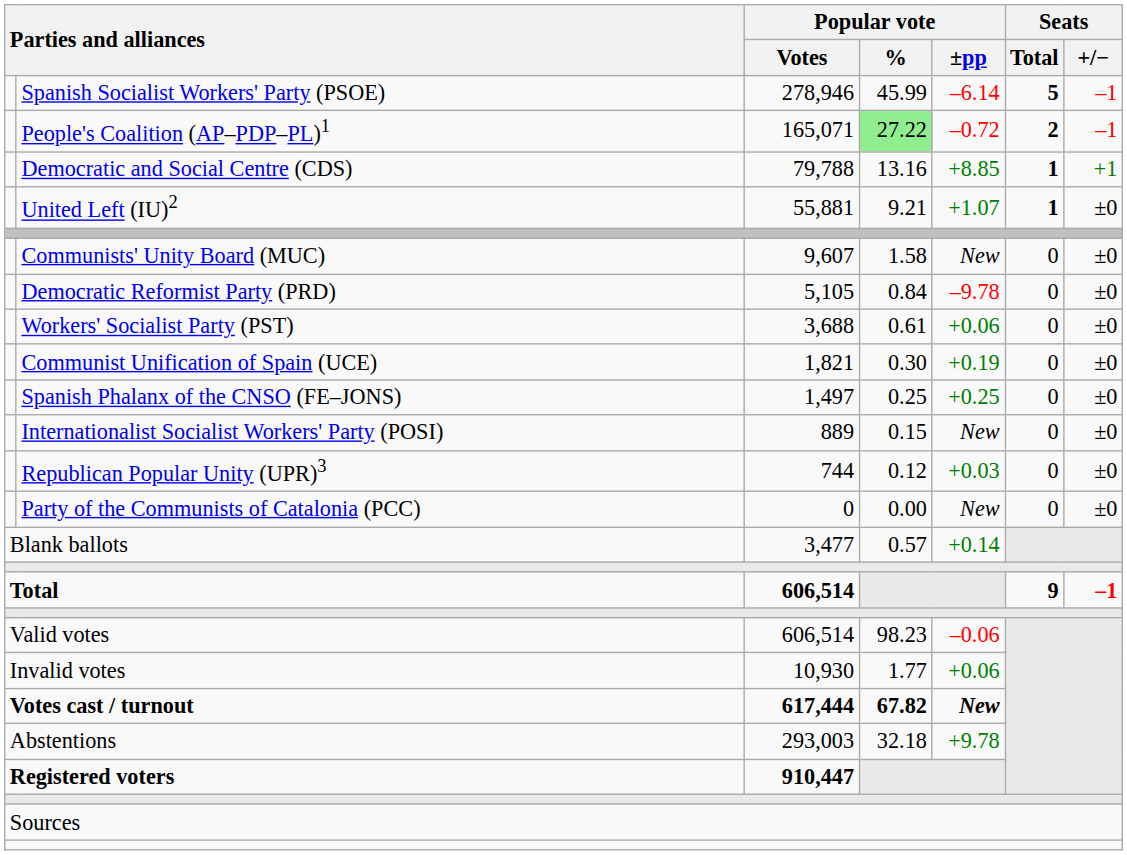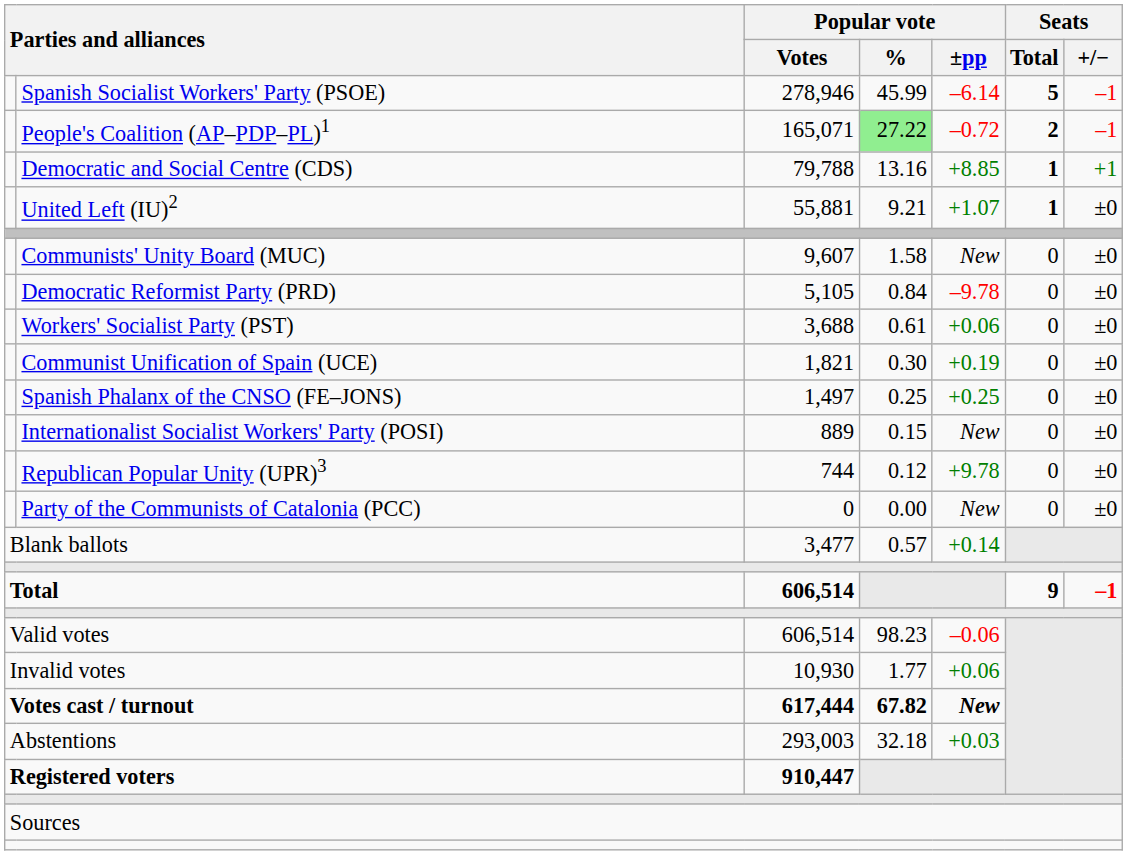 <table class="wikitable" style="text-align:right;">
 <tr>
 <th style="text-align:left;" rowspan="2" colspan="2" width="525">Parties and alliances</th>
 <th colspan="3">Popular vote</th>
 <th colspan="2">Seats</th>
 </tr>
 <tr>
 <th width="75">Votes</th>
 <th width="45">%</th>
 <th width="45">±<a href='#'>pp</a></th>
 <th width="35">Total</th>
 <th width="35">+/−</th>
 </tr>
 <tr>
 <td width="1" style="color:inherit;background:"></td>
 <td align="left"><a href='#'>Spanish Socialist Workers' Party</a> (PSOE)</td>
 <td>278,946</td>
 <td>45.99</td>
 <td style="color:red;">–6.14</td>
 <td><strong>5</strong></td>
 <td style="color:red;">–1</td>
 </tr>
 <tr>
 <td style="color:inherit;background:"></td>
 <td align="left"><a href='#'>People's Coalition</a> (<a href='#'>AP</a>–<a href='#'>PDP</a>–<a href='#'>PL</a>)<sup>1</sup></td>
 <td>165,071</td>
 <td style="background: lightgreen;">27.22</td>
 <td style="color:red;">–0.72</td>
 <td><strong>2</strong></td>
 <td style="color:red;">–1</td>
 </tr>
 <tr>
 <td style="color:inherit;background:"></td>
 <td align="left"><a href='#'>Democratic and Social Centre</a> (CDS)</td>
 <td>79,788</td>
 <td>13.16</td>
 <td style="color:green;">+8.85</td>
 <td><strong>1</strong></td>
 <td style="color:green;">+1</td>
 </tr>
 <tr>
 <td style="color:inherit;background:"></td>
 <td align="left"><a href='#'>United Left</a> (IU)<sup>2</sup></td>
 <td>55,881</td>
 <td>9.21</td>
 <td style="color:green;">+1.07</td>
 <td><strong>1</strong></td>
 <td>±0</td>
 </tr>
 <tr>
 <td colspan="7" bgcolor="#C0C0C0"></td>
 </tr>
 <tr>
 <td style="color:inherit;background:"></td>
 <td align="left"><a href='#'>Communists' Unity Board</a> (MUC)</td>
 <td>9,607</td>
 <td>1.58</td>
 <td><em>New</em></td>
 <td>0</td>
 <td>±0</td>
 </tr>
 <tr>
 <td style="color:inherit;background:"></td>
 <td align="left"><a href='#'>Democratic Reformist Party</a> (PRD)</td>
 <td>5,105</td>
 <td>0.84</td>
 <td style="color:red;">–9.78</td>
 <td>0</td>
 <td>±0</td>
 </tr>
 <tr>
 <td style="color:inherit;background:"></td>
 <td align="left"><a href='#'>Workers' Socialist Party</a> (PST)</td>
 <td>3,688</td>
 <td>0.61</td>
 <td style="color:green;">+0.06</td>
 <td>0</td>
 <td>±0</td>
 </tr>
 <tr>
 <td style="color:inherit;background:"></td>
 <td align="left"><a href='#'>Communist Unification of Spain</a> (UCE)</td>
 <td>1,821</td>
 <td>0.30</td>
 <td style="color:green;">+0.19</td>
 <td>0</td>
 <td>±0</td>
 </tr>
 <tr>
 <td style="color:inherit;background:"></td>
 <td align="left"><a href='#'>Spanish Phalanx of the CNSO</a> (FE–JONS)</td>
 <td>1,497</td>
 <td>0.25</td>
 <td style="color:green;">+0.25</td>
 <td>0</td>
 <td>±0</td>
 </tr>
 <tr>
 <td style="color:inherit;background:"></td>
 <td align="left"><a href='#'>Internationalist Socialist Workers' Party</a> (POSI)</td>
 <td>889</td>
 <td>0.15</td>
 <td><em>New</em></td>
 <td>0</td>
 <td>±0</td>
 </tr>
 <tr>
 <td style="color:inherit;background:"></td>
 <td align="left"><a href='#'>Republican Popular Unity</a> (UPR)<sup>3</sup></td>
 <td>744</td>
 <td>0.12</td>
-<td style="color:green;">+0.03</td>
+<td style="color:green;">+9.78</td>
 <td>0</td>
 <td>±0</td>
 </tr>
 <tr>
 <td style="color:inherit;background:"></td>
 <td align="left"><a href='#'>Party of the Communists of Catalonia</a> (PCC)</td>
 <td>0</td>
 <td>0.00</td>
 <td><em>New</em></td>
 <td>0</td>
 <td>±0</td>
 </tr>
 <tr>
 <td align="left" colspan="2">Blank ballots</td>
 <td>3,477</td>
 <td>0.57</td>
 <td style="color:green;">+0.14</td>
 <td bgcolor="#E9E9E9" colspan="2"></td>
 </tr>
 <tr>
 <td colspan="7" bgcolor="#E9E9E9"></td>
 </tr>
 <tr style="font-weight:bold;">
 <td align="left" colspan="2">Total</td>
 <td>606,514</td>
 <td bgcolor="#E9E9E9" colspan="2"></td>
 <td>9</td>
 <td style="color:red;">–1</td>
 </tr>
 <tr>
 <td colspan="7" bgcolor="#E9E9E9"></td>
 </tr>
 <tr>
 <td align="left" colspan="2">Valid votes</td>
 <td>606,514</td>
 <td>98.23</td>
 <td style="color:red;">–0.06</td>
 <td bgcolor="#E9E9E9" colspan="2" rowspan="5"></td>
 </tr>
 <tr>
 <td align="left" colspan="2">Invalid votes</td>
 <td>10,930</td>
 <td>1.77</td>
 <td style="color:green;">+0.06</td>
 </tr>
 <tr style="font-weight:bold;">
 <td align="left" colspan="2">Votes cast / turnout</td>
 <td>617,444</td>
 <td>67.82</td>
 <td><em>New</em></td>
 </tr>
 <tr>
 <td align="left" colspan="2">Abstentions</td>
 <td>293,003</td>
 <td>32.18</td>
-<td style="color:green;">+9.78</td>
+<td style="color:green;">+0.03</td>
 </tr>
 <tr style="font-weight:bold;">
 <td align="left" colspan="2">Registered voters</td>
 <td>910,447</td>
 <td bgcolor="#E9E9E9" colspan="2"></td>
 </tr>
 <tr>
 <td colspan="7" bgcolor="#E9E9E9"></td>
 </tr>
 <tr>
 <td align="left" colspan="7">Sources</td>
 </tr>
 <tr>
 <td colspan="7" style="text-align:left; max-width:790px;"></td>
 </tr>
 </table>
